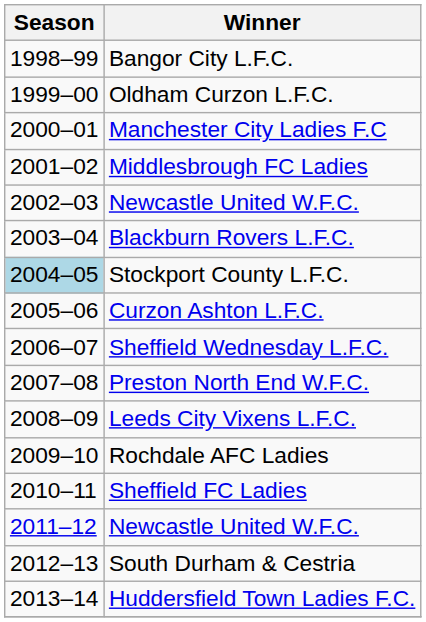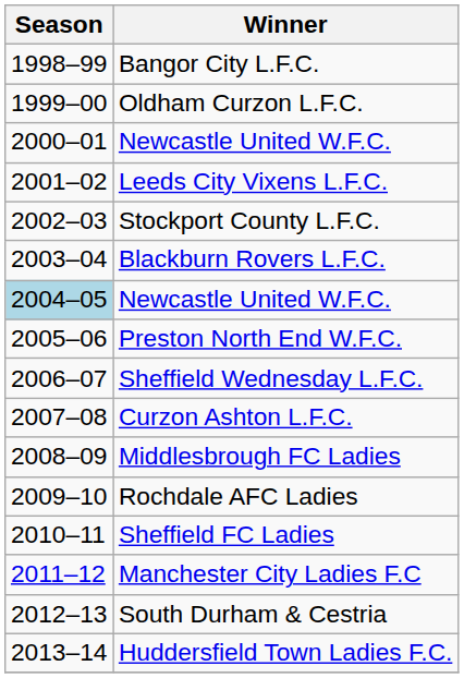 <table class="wikitable">
 <tr>
 <th>Season</th>
 <th>Winner</th>
 </tr>
 <tr>
 <td>1998–99</td>
 <td>Bangor City L.F.C.</td>
 </tr>
 <tr>
 <td>1999–00</td>
 <td>Oldham Curzon L.F.C.</td>
 </tr>
 <tr>
 <td>2000–01</td>
-<td><a href='#'>Manchester City Ladies F.C</a></td>
+<td><a href='#'>Newcastle United W.F.C.</a></td>
 </tr>
 <tr>
 <td>2001–02</td>
-<td><a href='#'>Middlesbrough FC Ladies</a></td>
+<td><a href='#'>Leeds City Vixens L.F.C.</a></td>
 </tr>
 <tr>
 <td>2002–03</td>
-<td><a href='#'>Newcastle United W.F.C.</a></td>
+<td>Stockport County L.F.C.</td>
 </tr>
 <tr>
 <td>2003–04</td>
 <td><a href='#'>Blackburn Rovers L.F.C.</a></td>
 </tr>
 <tr>
 <td style="background: lightblue;">2004–05</td>
-<td>Stockport County L.F.C.</td>
+<td><a href='#'>Newcastle United W.F.C.</a></td>
 </tr>
 <tr>
 <td>2005–06</td>
-<td><a href='#'>Curzon Ashton L.F.C.</a></td>
+<td><a href='#'>Preston North End W.F.C.</a></td>
 </tr>
 <tr>
 <td>2006–07</td>
 <td><a href='#'>Sheffield Wednesday L.F.C.</a></td>
 </tr>
 <tr>
 <td>2007–08</td>
-<td><a href='#'>Preston North End W.F.C.</a></td>
+<td><a href='#'>Curzon Ashton L.F.C.</a></td>
 </tr>
 <tr>
 <td>2008–09</td>
-<td><a href='#'>Leeds City Vixens L.F.C.</a></td>
+<td><a href='#'>Middlesbrough FC Ladies</a></td>
 </tr>
 <tr>
 <td>2009–10</td>
 <td>Rochdale AFC Ladies</td>
 </tr>
 <tr>
 <td>2010–11</td>
 <td><a href='#'>Sheffield FC Ladies</a></td>
 </tr>
 <tr>
 <td><a href='#'>2011–12</a></td>
-<td><a href='#'>Newcastle United W.F.C.</a></td>
+<td><a href='#'>Manchester City Ladies F.C</a></td>
 </tr>
 <tr>
 <td>2012–13</td>
 <td>South Durham & Cestria</td>
 </tr>
 <tr>
 <td>2013–14</td>
 <td><a href='#'>Huddersfield Town Ladies F.C.</a></td>
 </tr>
 <tr>
 </tr>
 </table>
